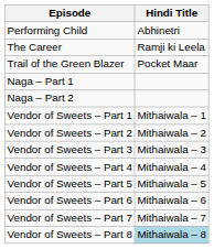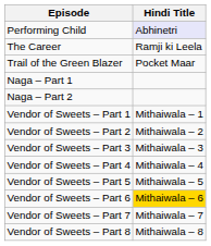 <table class="wikitable">
 <tr>
 <th>Episode</th>
 <th>Hindi Title</th>
 </tr>
 <tr>
 <td>Performing Child</td>
-<td>Abhinetri</td>
+<td style="background: lavender;">Abhinetri</td>
 </tr>
 <tr>
 <td>The Career</td>
 <td>Ramji ki Leela</td>
 </tr>
 <tr>
 <td>Trail of the Green Blazer</td>
 <td>Pocket Maar</td>
 </tr>
 <tr>
 <td>Naga – Part 1</td>
 <td></td>
 </tr>
 <tr>
 <td>Naga – Part 2</td>
 <td></td>
 </tr>
 <tr>
 <td>Vendor of Sweets – Part 1</td>
 <td>Mithaiwala – 1</td>
 </tr>
 <tr>
 <td>Vendor of Sweets – Part 2</td>
 <td>Mithaiwala – 2</td>
 </tr>
 <tr>
 <td>Vendor of Sweets – Part 3</td>
 <td>Mithaiwala – 3</td>
 </tr>
 <tr>
 <td>Vendor of Sweets – Part 4</td>
 <td>Mithaiwala – 4</td>
 </tr>
 <tr>
 <td>Vendor of Sweets – Part 5</td>
 <td>Mithaiwala – 5</td>
 </tr>
 <tr>
 <td>Vendor of Sweets – Part 6</td>
-<td>Mithaiwala – 6</td>
+<td style="background: gold;">Mithaiwala – 6</td>
 </tr>
 <tr>
 <td>Vendor of Sweets – Part 7</td>
 <td>Mithaiwala – 7</td>
 </tr>
 <tr>
 <td>Vendor of Sweets – Part 8</td>
-<td style="background: lightblue;">Mithaiwala – 8</td>
+<td>Mithaiwala – 8</td>
 </tr>
 </table>
